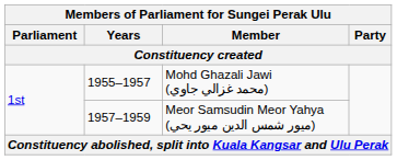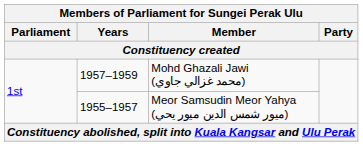 <table class="wikitable">
 <tr>
 <th colspan="4">Members of Parliament for Sungei Perak Ulu</th>
 </tr>
 <tr>
 <th>Parliament</th>
 <th>Years</th>
 <th>Member</th>
 <th>Party</th>
 </tr>
 <tr>
 <th colspan="4"><em>Constituency created</em></th>
 </tr>
 <tr>
 <td rowspan="2"><a href='#'>1st</a></td>
-<td>1955–1957</td>
+<td>1957–1959</td>
 <td>Mohd Ghazali Jawi <br> (محمد غزالي جاوي)</td>
 <td rowspan="2"></td>
 </tr>
 <tr>
-<td>1957–1959</td>
+<td>1955–1957</td>
 <td>Meor Samsudin Meor Yahya <br> (ميور شمس الدين ميور يحي)</td>
 </tr>
 <tr>
 <th colspan="4"><em>Constituency abolished, split into <a href='#'>Kuala Kangsar</a> and <a href='#'>Ulu Perak</a></em></th>
 </tr>
 </table>
